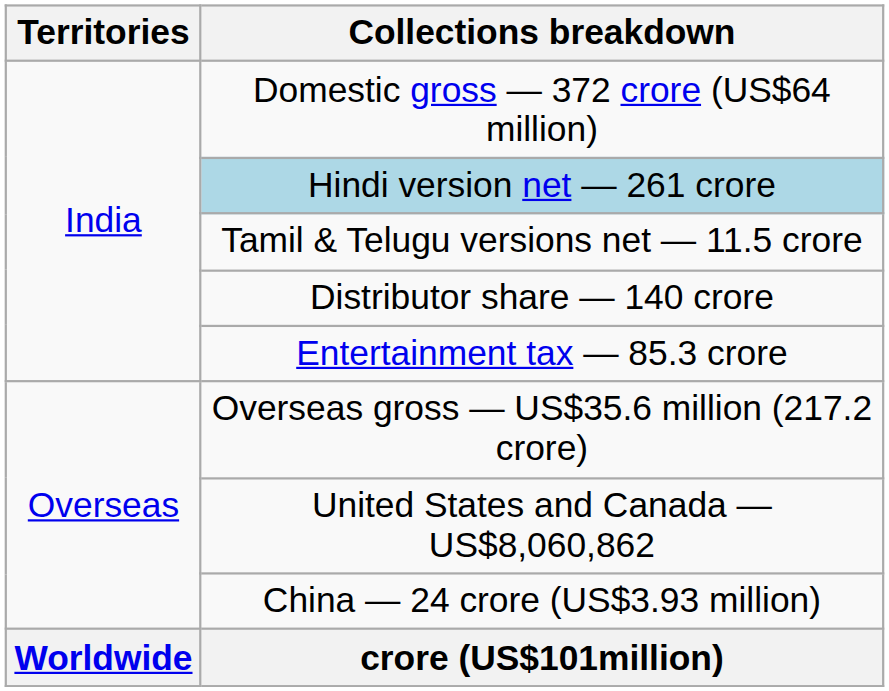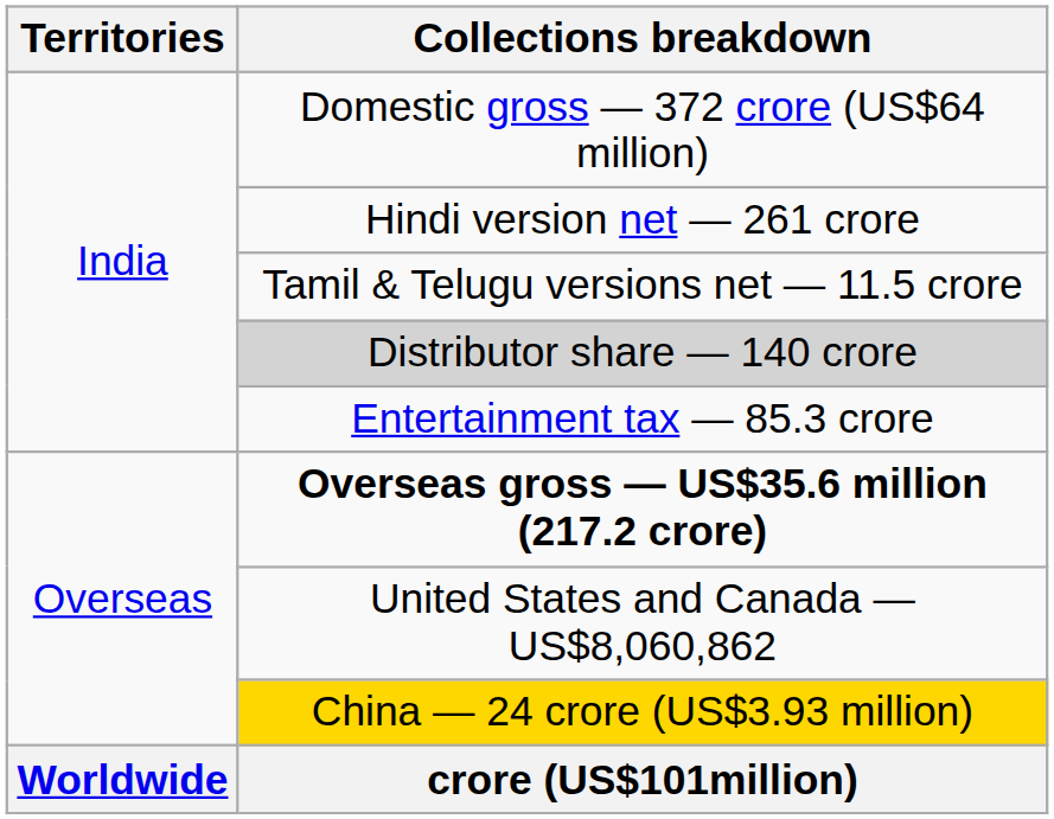 <table class="wikitable"  style="float:right; width:45%; text-align:center;">
 <tr>
 <th>Territories</th>
 <th>Collections breakdown</th>
 </tr>
 <tr>
 <td rowspan="5"><a href='#'>India</a></td>
 <td>Domestic <a href='#'>gross</a> — 372 <a href='#'>crore</a> (US$64 million)</td>
 </tr>
 <tr>
-<td style="background: lightblue;">Hindi version <a href='#'>net</a> — 261 crore</td>
+<td>Hindi version <a href='#'>net</a> — 261 crore</td>
 </tr>
 <tr>
 <td>Tamil & Telugu versions net — 11.5 crore</td>
 </tr>
 <tr>
-<td>Distributor share — 140 crore</td>
+<td style="background: lightgrey;">Distributor share — 140 crore</td>
 </tr>
 <tr>
 <td><a href='#'>Entertainment tax</a> — 85.3 crore</td>
 </tr>
 <tr>
 <td rowspan="3"><a href='#'>Overseas</a></td>
-<td>Overseas gross — US$35.6 million (217.2 crore)</td>
+<td><strong>Overseas gross — US$35.6 million (217.2 crore)</strong></td>
 </tr>
 <tr>
 <td>United States and Canada — US$8,060,862</td>
 </tr>
 <tr>
-<td>China — 24 crore (US$3.93 million)</td>
+<td style="background: gold;">China — 24 crore (US$3.93 million)</td>
 </tr>
 <tr>
 <th><a href='#'>Worldwide</a></th>
 <th>crore (US$101million)</th>
 </tr>
 </table>
